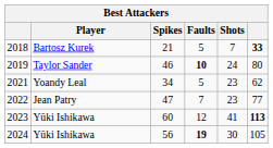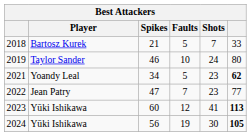 <table class="wikitable sortable" style=font-size:90%>
 <tr>
 <th colspan=7>Best Attackers</th>
 </tr>
 <tr>
 <th></th>
 <th width=158>Player</th>
 <th width=20>Spikes</th>
 <th width=20>Faults</th>
 <th width=20>Shots</th>
 <th width=20></th>
 </tr>
 <tr>
 <td>2018</td>
 <td> <a href='#'>Bartosz Kurek</a></td>
 <td align=center>21</td>
 <td align=center>5</td>
 <td align=center>7</td>
-<td align=center><strong>33</strong></td>
+<td align=center>33</td>
 </tr>
 <tr>
 <td>2019</td>
 <td> <a href='#'>Taylor Sander</a></td>
 <td align=center>46</td>
-<td align=center><strong>10</strong></td>
+<td align=center>10</td>
 <td align=center>24</td>
 <td align=center>80</td>
 </tr>
 <tr>
 <td>2021</td>
 <td> Yoandy Leal</td>
 <td align=center>34</td>
 <td align=center>5</td>
 <td align=center>23</td>
-<td align=center>62</td>
+<td align=center><strong>62</strong></td>
 </tr>
 <tr>
 <td>2022</td>
 <td> Jean Patry</td>
 <td align=center>47</td>
 <td align=center>7</td>
 <td align=center>23</td>
 <td align=center>77</td>
 </tr>
 <tr>
 <td>2023</td>
 <td> Yūki Ishikawa</td>
 <td align=center>60</td>
 <td align=center>12</td>
 <td align=center>41</td>
 <td align=center><strong>113</strong></td>
 </tr>
 <tr>
 <td>2024</td>
 <td> Yūki Ishikawa</td>
 <td align=center>56</td>
-<td align=center><strong>19</strong></td>
+<td align=center>19</td>
 <td align=center>30</td>
-<td align=center>105</td>
+<td align=center><strong>105</strong></td>
 </tr>
 </table>
